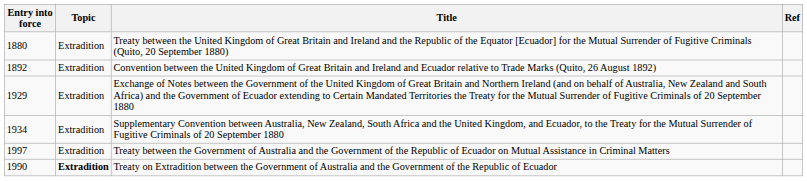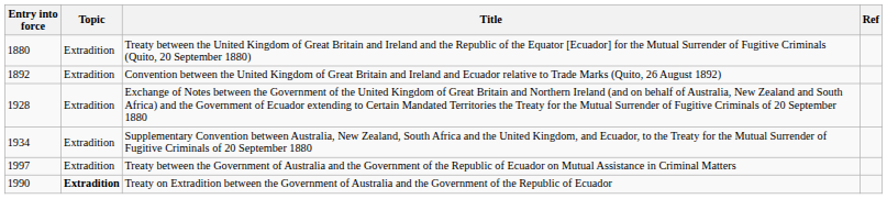 <table class="wikitable sortable">
 <tr>
 <th>Entry into force</th>
 <th>Topic</th>
 <th>Title</th>
 <th>Ref</th>
 </tr>
 <tr>
 <td>1880</td>
 <td>Extradition</td>
 <td>Treaty between the United Kingdom of Great Britain and Ireland and the Republic of the Equator [Ecuador] for the Mutual Surrender of Fugitive Criminals (Quito, 20 September 1880)</td>
 <td></td>
 </tr>
 <tr>
 <td>1892</td>
 <td>Extradition</td>
 <td>Convention between the United Kingdom of Great Britain and Ireland and Ecuador relative to Trade Marks (Quito, 26 August 1892)</td>
 <td></td>
 </tr>
 <tr>
-<td>1929</td>
+<td>1928</td>
 <td>Extradition</td>
 <td>Exchange of Notes between the Government of the United Kingdom of Great Britain and Northern Ireland (and on behalf of Australia, New Zealand and South Africa) and the Government of Ecuador extending to Certain Mandated Territories the Treaty for the Mutual Surrender of Fugitive Criminals of 20 September 1880</td>
 <td></td>
 </tr>
 <tr>
 <td>1934</td>
 <td>Extradition</td>
 <td>Supplementary Convention between Australia, New Zealand, South Africa and the United Kingdom, and Ecuador, to the Treaty for the Mutual Surrender of Fugitive Criminals of 20 September 1880</td>
 <td></td>
 </tr>
 <tr>
 <td>1997</td>
 <td>Extradition</td>
 <td>Treaty between the Government of Australia and the Government of the Republic of Ecuador on Mutual Assistance in Criminal Matters</td>
 <td></td>
 </tr>
 <tr>
 <td>1990</td>
 <td><strong>Extradition</strong></td>
 <td>Treaty on Extradition between the Government of Australia and the Government of the Republic of Ecuador</td>
 <td></td>
 </tr>
 </table>
